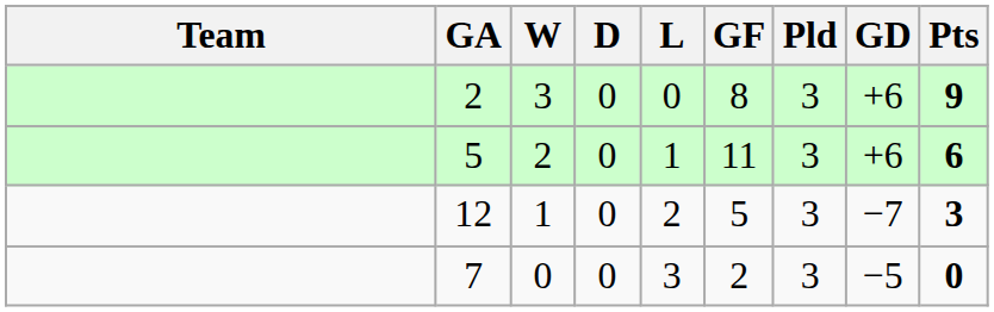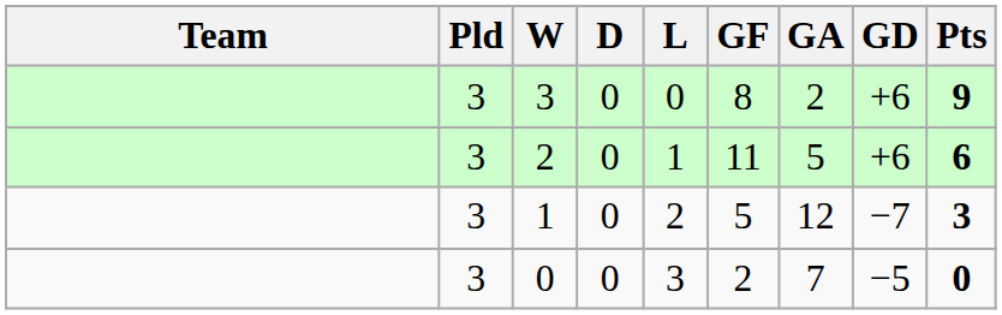 <table class="wikitable" style="text-align: center;">
 <tr>
 <th width=175>Team</th>
-<th width=20>GA</th>
+<th width=20>Pld</th>
 <th width=20>W</th>
 <th width=20>D</th>
 <th width=20>L</th>
 <th width=20>GF</th>
-<th width=20>Pld</th>
+<th width=20>GA</th>
 <th width=20>GD</th>
 <th width=20>Pts</th>
 </tr>
 <tr bgcolor=ccffcc>
 <td style="text-align:left;"></td>
-<td>2</td>
+<td>3</td>
 <td>3</td>
 <td>0</td>
 <td>0</td>
 <td>8</td>
-<td>3</td>
+<td>2</td>
 <td>+6</td>
 <td><strong>9</strong></td>
 </tr>
 <tr bgcolor=ccffcc>
 <td style="text-align:left;"></td>
-<td>5</td>
+<td>3</td>
 <td>2</td>
 <td>0</td>
 <td>1</td>
 <td>11</td>
-<td>3</td>
+<td>5</td>
 <td>+6</td>
 <td><strong>6</strong></td>
 </tr>
 <tr>
 <td style="text-align:left;"></td>
-<td>12</td>
+<td>3</td>
 <td>1</td>
 <td>0</td>
 <td>2</td>
 <td>5</td>
-<td>3</td>
+<td>12</td>
 <td>−7</td>
 <td><strong>3</strong></td>
 </tr>
 <tr>
 <td style="text-align:left;"></td>
-<td>7</td>
+<td>3</td>
 <td>0</td>
 <td>0</td>
 <td>3</td>
 <td>2</td>
-<td>3</td>
+<td>7</td>
 <td>−5</td>
 <td><strong>0</strong></td>
 </tr>
 </table>
